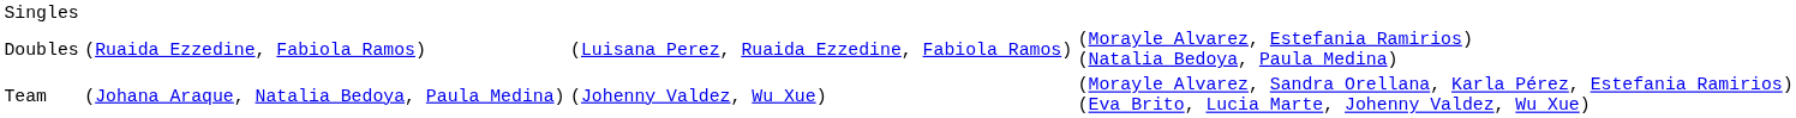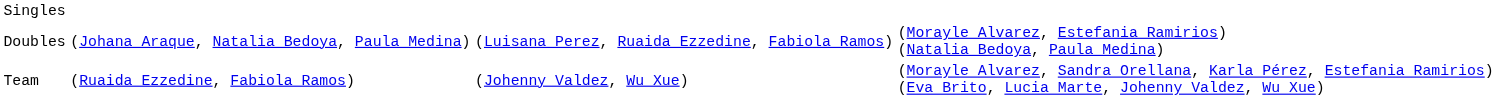 <table>
 <tr>
 <td>Singles</td>
 <td></td>
 <td></td>
 <td><br></td>
 </tr>
 <tr>
 <td>Doubles</td>
-<td> (<a href='#'>Ruaida Ezzedine</a>, <a href='#'>Fabiola Ramos</a>)</td>
+<td> (<a href='#'>Johana Araque</a>, <a href='#'>Natalia Bedoya</a>, <a href='#'>Paula Medina</a>)</td>
 <td> (<a href='#'>Luisana Perez</a>, <a href='#'>Ruaida Ezzedine</a>, <a href='#'>Fabiola Ramos</a>)</td>
 <td> (<a href='#'>Morayle Alvarez</a>, <a href='#'>Estefania Ramirios</a>)<br> (<a href='#'>Natalia Bedoya</a>, <a href='#'>Paula Medina</a>)</td>
 </tr>
 <tr>
 <td>Team</td>
-<td> (<a href='#'>Johana Araque</a>, <a href='#'>Natalia Bedoya</a>, <a href='#'>Paula Medina</a>)</td>
+<td> (<a href='#'>Ruaida Ezzedine</a>, <a href='#'>Fabiola Ramos</a>)</td>
 <td> (<a href='#'>Johenny Valdez</a>, <a href='#'>Wu Xue</a>)</td>
 <td> (<a href='#'>Morayle Alvarez</a>, <a href='#'>Sandra Orellana</a>, <a href='#'>Karla Pérez</a>, <a href='#'>Estefania Ramirios</a>)<br> (<a href='#'>Eva Brito</a>, <a href='#'>Lucia Marte</a>, <a href='#'>Johenny Valdez</a>, <a href='#'>Wu Xue</a>)</td>
 </tr>
 <tr>
 </tr>
 </table>
